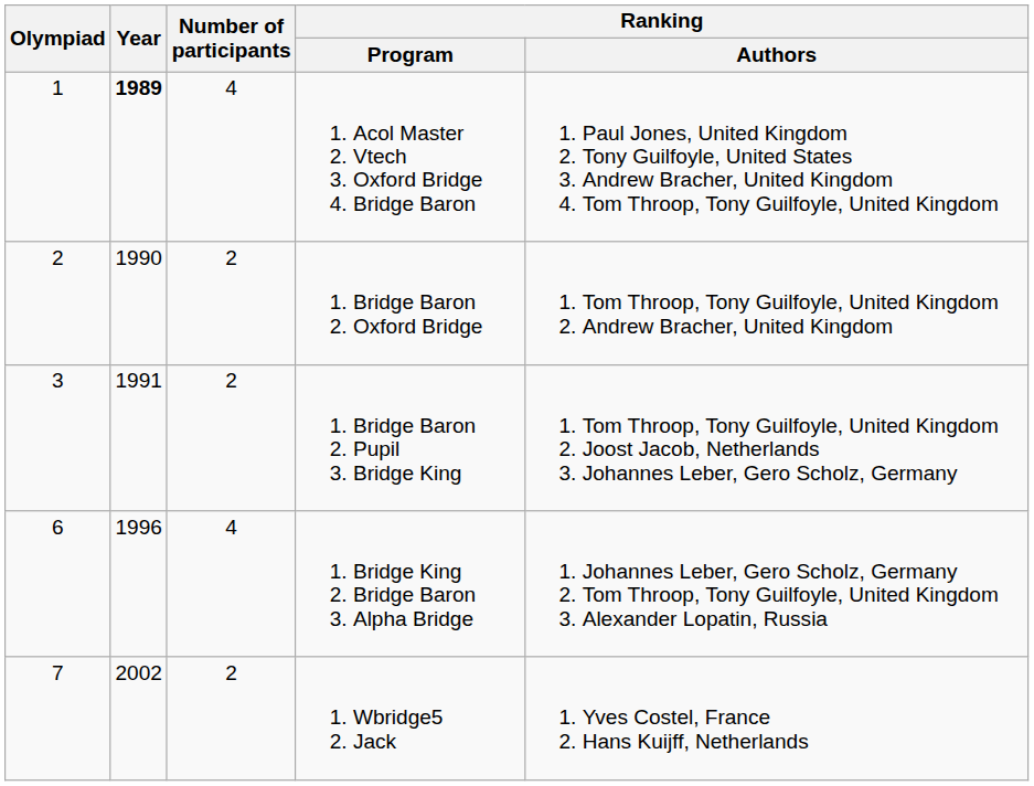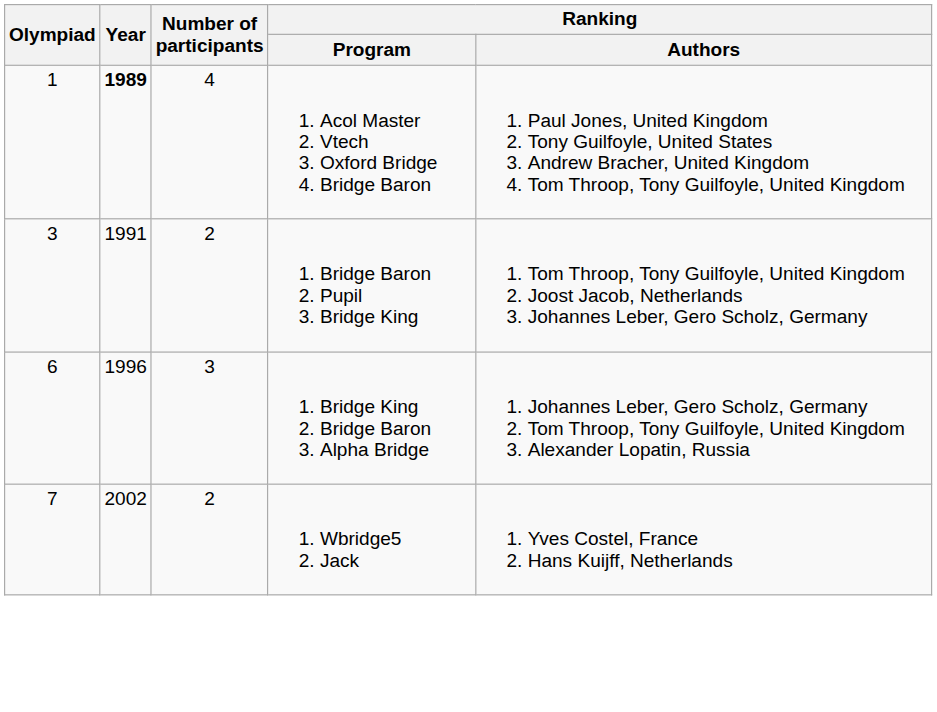 <table class="wikitable" style="width: 780px;">
 <tr>
 <th rowspan=2>Olympiad</th>
 <th rowspan=2>Year</th>
 <th rowspan=2>Number of<br>participants</th>
 <th colspan=2>Ranking</th>
 </tr>
 <tr align="center">
 <th>Program</th>
 <th>Authors</th>
 </tr>
 <tr align="center" valign="top">
 <td style="width: 60px;">1</td>
 <td style="width: 30px;"><strong>1989</strong></td>
 <td style="width: 80px;">4</td>
 <td style="width: 180px;" align="left"><br><ol><li>Acol Master</li><li>Vtech</li><li>Oxford Bridge</li><li>Bridge Baron</li></ol></td>
 <td style="width: 430px;" align=left><br><ol><li>Paul Jones, United Kingdom</li><li>Tony Guilfoyle, United States</li><li>Andrew Bracher, United Kingdom</li><li>Tom Throop, Tony Guilfoyle, United Kingdom</li></ol></td>
 </tr>
 <tr align="center" valign="top">
-<td>2</td>
-<td>1990</td>
-<td>2</td>
-<td align="left"><br><ol><li>Bridge Baron</li><li>Oxford Bridge</li></ol></td>
-<td align=left><br><ol><li>Tom Throop, Tony Guilfoyle, United Kingdom </li><li>Andrew Bracher, United Kingdom</li></ol></td>
-</tr>
-<tr align="center" valign="top">
 <td>3</td>
 <td>1991</td>
 <td>2</td>
 <td align="left"><br><ol><li>Bridge Baron</li><li>Pupil</li><li>Bridge King</li></ol></td>
 <td align=left><br><ol><li>Tom Throop, Tony Guilfoyle, United Kingdom</li><li>Joost Jacob, Netherlands</li><li>Johannes Leber, Gero Scholz, Germany</li></ol></td>
 </tr>
 <tr align="center" valign="top">
 <td>6</td>
 <td>1996</td>
-<td>4</td>
+<td>3</td>
 <td align="left"><br><ol><li>Bridge King</li><li>Bridge Baron</li><li>Alpha Bridge</li></ol></td>
 <td align=left><br><ol><li>Johannes Leber, Gero Scholz, Germany</li><li>Tom Throop, Tony Guilfoyle, United Kingdom</li><li>Alexander Lopatin, Russia</li></ol></td>
 </tr>
 <tr align="center" valign="top">
 <td>7</td>
 <td>2002</td>
 <td>2</td>
 <td align="left"><br><ol><li>Wbridge5</li><li>Jack</li></ol></td>
 <td align=left><br><ol><li>Yves Costel, France</li><li>Hans Kuijff, Netherlands</li></ol></td>
 </tr>
 </table>
